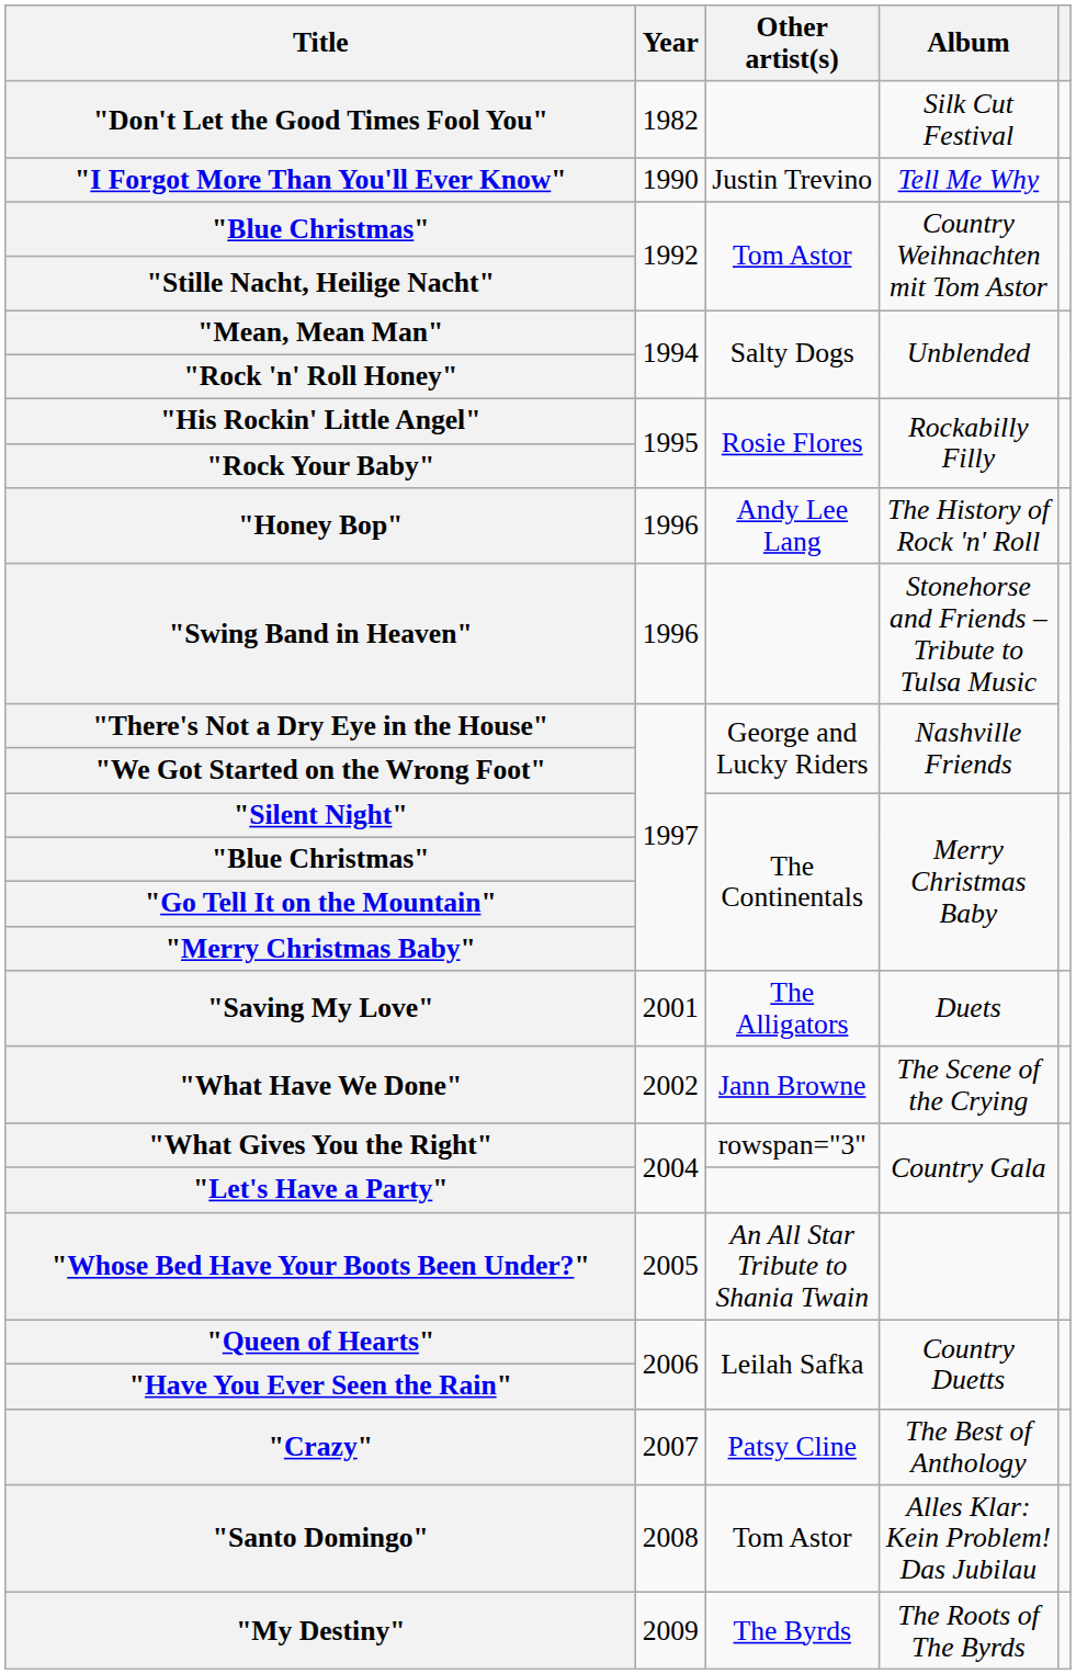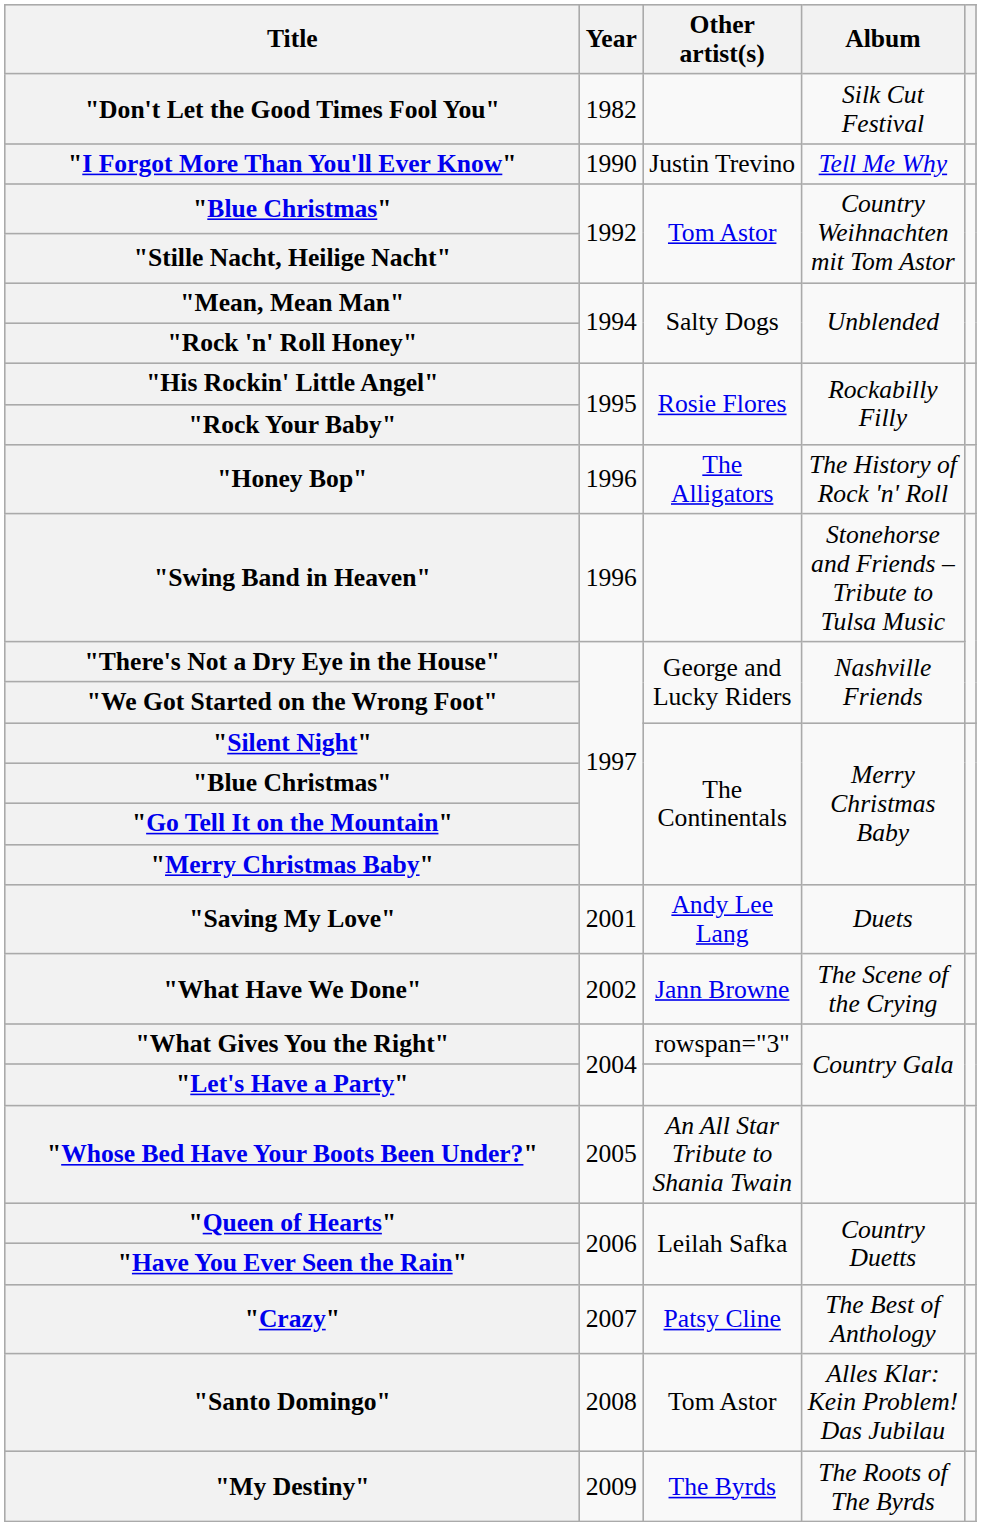 <table class="wikitable plainrowheaders" style="text-align:center;" border="1">
 <tr>
 <th scope="col" style="width:22em;">Title</th>
 <th scope="col">Year</th>
 <th scope="col">Other artist(s)</th>
 <th scope="col">Album</th>
 <th scope="col"></th>
 </tr>
 <tr>
 <th scope="row">"Don't Let the Good Times Fool You"</th>
 <td>1982</td>
 <td></td>
 <td><em>Silk Cut Festival</em></td>
 <td></td>
 </tr>
 <tr>
 <th scope="row">"<a href='#'>I Forgot More Than You'll Ever Know</a>"</th>
 <td>1990</td>
 <td>Justin Trevino</td>
 <td><em><a href='#'>Tell Me Why</a></em></td>
 <td></td>
 </tr>
 <tr>
 <th scope="row">"<a href='#'>Blue Christmas</a>"</th>
 <td rowspan="2">1992</td>
 <td rowspan="2"><a href='#'>Tom Astor</a></td>
 <td rowspan="2"><em>Country Weihnachten mit Tom Astor</em></td>
 <td rowspan="2"></td>
 </tr>
 <tr>
 <th scope="row">"Stille Nacht, Heilige Nacht"</th>
 </tr>
 <tr>
 <th scope="row">"Mean, Mean Man"</th>
 <td rowspan="2">1994</td>
 <td rowspan="2">Salty Dogs</td>
 <td rowspan="2"><em>Unblended</em></td>
 <td rowspan="2"></td>
 </tr>
 <tr>
 <th scope="row">"Rock 'n' Roll Honey"</th>
 </tr>
 <tr>
 <th scope="row">"His Rockin' Little Angel"</th>
 <td rowspan="2">1995</td>
 <td rowspan="2"><a href='#'>Rosie Flores</a></td>
 <td rowspan="2"><em>Rockabilly Filly</em></td>
 <td rowspan="2"></td>
 </tr>
 <tr>
 <th scope="row">"Rock Your Baby"</th>
 </tr>
 <tr>
 <th scope="row">"Honey Bop"</th>
 <td>1996</td>
-<td><a href='#'>Andy Lee Lang</a></td>
+<td><a href='#'>The Alligators</a></td>
 <td><em>The History of Rock 'n' Roll</em></td>
 <td></td>
 </tr>
 <tr>
 <th scope="row">"Swing Band in Heaven"</th>
 <td>1996</td>
 <td></td>
 <td><em>Stonehorse and Friends – Tribute to Tulsa Music</em></td>
 <td rowspan="3"></td>
 </tr>
 <tr>
 <th scope="row">"There's Not a Dry Eye in the House"</th>
 <td rowspan="6">1997</td>
 <td rowspan="2">George and Lucky Riders</td>
 <td rowspan="2"><em>Nashville Friends</em></td>
 </tr>
 <tr>
 <th scope="row">"We Got Started on the Wrong Foot"</th>
 </tr>
 <tr>
 <th scope="row">"<a href='#'>Silent Night</a>"</th>
 <td rowspan="4">The Continentals</td>
 <td rowspan="4"><em>Merry Christmas Baby</em></td>
 <td rowspan="4"></td>
 </tr>
 <tr>
 <th scope="row">"Blue Christmas"</th>
 </tr>
 <tr>
 <th scope="row">"<a href='#'>Go Tell It on the Mountain</a>"</th>
 </tr>
 <tr>
 <th scope="row">"<a href='#'>Merry Christmas Baby</a>"</th>
 </tr>
 <tr>
 <th scope="row">"Saving My Love"</th>
 <td>2001</td>
-<td><a href='#'>The Alligators</a></td>
+<td><a href='#'>Andy Lee Lang</a></td>
 <td><em>Duets</em></td>
 <td></td>
 </tr>
 <tr>
 <th scope="row">"What Have We Done"</th>
 <td>2002</td>
 <td><a href='#'>Jann Browne</a></td>
 <td><em>The Scene of the Crying</em></td>
 <td></td>
 </tr>
 <tr>
 <th scope="row">"What Gives You the Right"</th>
 <td rowspan="2">2004</td>
 <td>rowspan="3" </td>
 <td rowspan="2"><em>Country Gala</em></td>
 <td rowspan="2"></td>
 </tr>
 <tr>
 <th scope="row">"<a href='#'>Let's Have a Party</a>"</th>
 </tr>
 <tr>
 <th scope="row">"<a href='#'>Whose Bed Have Your Boots Been Under?</a>"</th>
 <td>2005</td>
 <td><em>An All Star Tribute to Shania Twain</em></td>
 <td></td>
 </tr>
 <tr>
 <th scope="row">"<a href='#'>Queen of Hearts</a>"</th>
 <td rowspan="2">2006</td>
 <td rowspan="2">Leilah Safka</td>
 <td rowspan="2"><em>Country Duetts</em></td>
 <td rowspan="2"></td>
 </tr>
 <tr>
 <th scope="row">"<a href='#'>Have You Ever Seen the Rain</a>"</th>
 </tr>
 <tr>
 <th scope="row">"<a href='#'>Crazy</a>"</th>
 <td>2007</td>
 <td><a href='#'>Patsy Cline</a></td>
 <td><em>The Best of Anthology</em></td>
 <td></td>
 </tr>
 <tr>
 <th scope="row">"Santo Domingo"</th>
 <td>2008</td>
 <td>Tom Astor</td>
 <td><em>Alles Klar: Kein Problem! Das Jubilau</em></td>
 <td></td>
 </tr>
 <tr>
 <th scope="row">"My Destiny"</th>
 <td>2009</td>
 <td><a href='#'>The Byrds</a></td>
 <td><em>The Roots of The Byrds</em></td>
 <td></td>
 </tr>
 <tr>
 </tr>
 </table>
